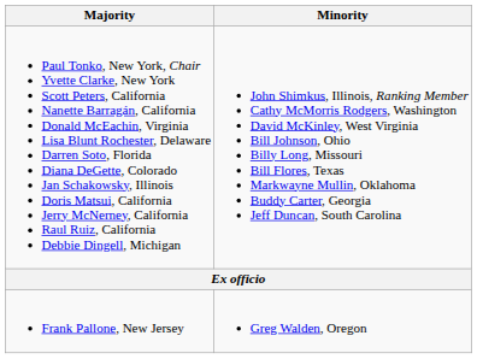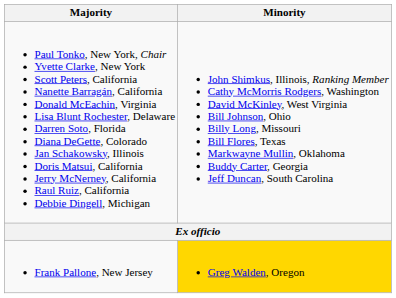 <table class="wikitable">
 <tr>
 <th>Majority</th>
 <th>Minority</th>
 </tr>
 <tr>
 <td><br><ul><li><a href='#'>Paul Tonko</a>, New York, <em>Chair</em></li><li><a href='#'>Yvette Clarke</a>, New York</li><li><a href='#'>Scott Peters</a>, California</li><li><a href='#'>Nanette Barragán</a>, California</li><li><a href='#'>Donald McEachin</a>, Virginia</li><li><a href='#'>Lisa Blunt Rochester</a>, Delaware</li><li><a href='#'>Darren Soto</a>, Florida</li><li><a href='#'>Diana DeGette</a>, Colorado</li><li><a href='#'>Jan Schakowsky</a>, Illinois</li><li><a href='#'>Doris Matsui</a>, California</li><li><a href='#'>Jerry McNerney</a>, California</li><li><a href='#'>Raul Ruiz</a>, California</li><li><a href='#'>Debbie Dingell</a>, Michigan</li></ul></td>
 <td><br><ul><li><a href='#'>John Shimkus</a>, Illinois, <em>Ranking Member</em></li><li><a href='#'>Cathy McMorris Rodgers</a>, Washington</li><li><a href='#'>David McKinley</a>, West Virginia</li><li><a href='#'>Bill Johnson</a>, Ohio</li><li><a href='#'>Billy Long</a>, Missouri</li><li><a href='#'>Bill Flores</a>, Texas</li><li><a href='#'>Markwayne Mullin</a>, Oklahoma</li><li><a href='#'>Buddy Carter</a>, Georgia</li><li><a href='#'>Jeff Duncan</a>, South Carolina</li></ul></td>
 </tr>
 <tr>
 <th colspan="2"><em>Ex officio</em></th>
 </tr>
 <tr>
 <td><br><ul><li><a href='#'>Frank Pallone</a>, New Jersey</li></ul></td>
-<td><br><ul><li><a href='#'>Greg Walden</a>, Oregon</li></ul></td>
+<td style="background: gold;"><br><ul><li><a href='#'>Greg Walden</a>, Oregon</li></ul></td>
 </tr>
 </table>
